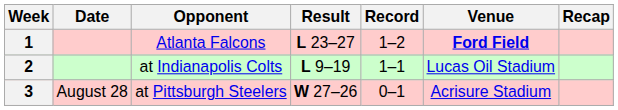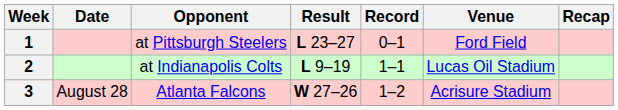 <table class="wikitable" style="text-align:center">
 <tr>
 <th>Week</th>
 <th>Date</th>
 <th>Opponent</th>
 <th>Result</th>
 <th>Record</th>
 <th>Venue</th>
 <th>Recap</th>
 </tr>
 <tr style="background:#fcc">
 <th>1</th>
 <td></td>
-<td><a href='#'>Atlanta Falcons</a></td>
+<td>at <a href='#'>Pittsburgh Steelers</a></td>
 <td><strong>L</strong> 23–27</td>
-<td>1–2</td>
-<td><strong><a href='#'>Ford Field</a></strong></td>
+<td>0–1</td>
+<td><a href='#'>Ford Field</a></td>
 <td></td>
 </tr>
 <tr style="background:#cfc">
 <th>2</th>
 <td></td>
 <td>at <a href='#'>Indianapolis Colts</a></td>
 <td><strong>L</strong> 9–19</td>
 <td>1–1</td>
 <td><a href='#'>Lucas Oil Stadium</a></td>
 <td></td>
 </tr>
 <tr style="background:#fcc">
 <th>3</th>
 <td>August 28</td>
-<td>at <a href='#'>Pittsburgh Steelers</a></td>
+<td><a href='#'>Atlanta Falcons</a></td>
 <td><strong>W</strong> 27–26</td>
-<td>0–1</td>
+<td>1–2</td>
 <td><a href='#'>Acrisure Stadium</a></td>
 <td></td>
 </tr>
 </table>
